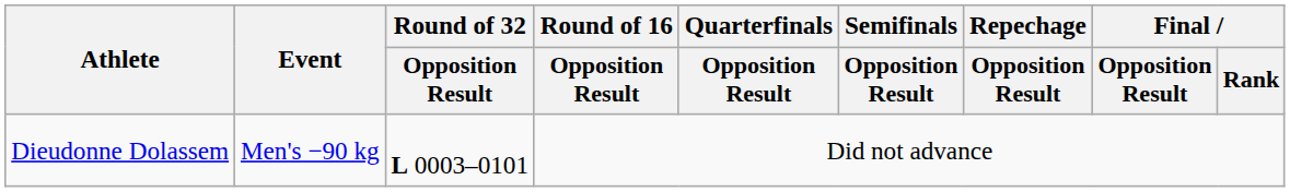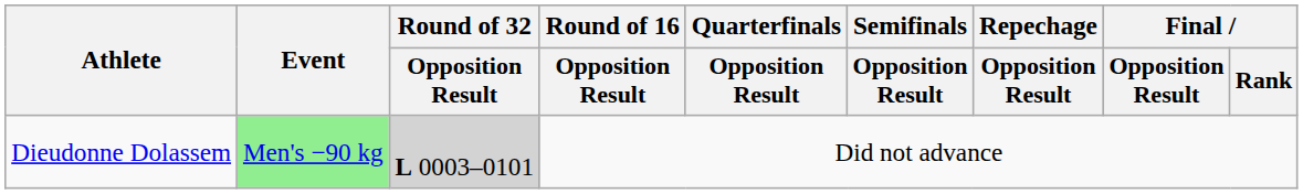 <table class="wikitable" style="font-size:90%">
 <tr>
 <th rowspan=2>Athlete</th>
 <th rowspan=2>Event</th>
 <th>Round of 32</th>
 <th>Round of 16</th>
 <th>Quarterfinals</th>
 <th>Semifinals</th>
 <th>Repechage</th>
 <th colspan=2>Final / </th>
 </tr>
 <tr style="font-size:95%">
 <th>Opposition<br>Result</th>
 <th>Opposition<br>Result</th>
 <th>Opposition<br>Result</th>
 <th>Opposition<br>Result</th>
 <th>Opposition<br>Result</th>
 <th>Opposition<br>Result</th>
 <th>Rank</th>
 </tr>
 <tr align=center>
 <td align=left><a href='#'>Dieudonne Dolassem</a></td>
-<td align=left><a href='#'>Men's −90 kg</a></td>
-<td><br><strong>L</strong> 0003–0101</td>
+<td align=left style="background: lightgreen;"><a href='#'>Men's −90 kg</a></td>
+<td style="background: lightgrey;"><br><strong>L</strong> 0003–0101</td>
 <td colspan=6>Did not advance</td>
 </tr>
 </table>
